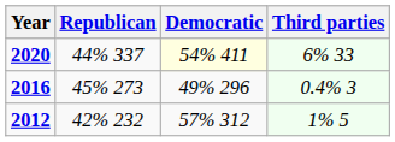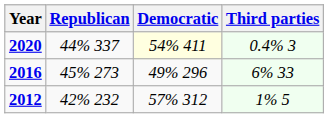 <table class="wikitable" style="float:right; font-size:95%;">
 <tr bgcolor=lightgrey>
 <th>Year</th>
 <th><a href='#'>Republican</a></th>
 <th><a href='#'>Democratic</a></th>
 <th><a href='#'>Third parties</a></th>
 </tr>
 <tr>
 <td style="text-align:center; "><strong><a href='#'>2020</a></strong></td>
 <td style="text-align:center; "><em>44%</em> <em>337</em></td>
 <td style="background: lightyellow; text-align:center; "><em>54%</em> <em>411</em></td>
-<td style="text-align:center; background:honeyDew;"><em>6%</em> <em>33</em></td>
+<td style="text-align:center; background:honeyDew;"><em>0.4%</em> <em>3</em></td>
 </tr>
 <tr>
 <td style="text-align:center; "><strong><a href='#'>2016</a></strong></td>
 <td style="text-align:center; "><em>45%</em> <em>273</em></td>
 <td style="text-align:center; "><em>49%</em> <em>296</em></td>
-<td style="text-align:center; background:honeyDew;"><em>0.4%</em> <em>3</em></td>
+<td style="text-align:center; background:honeyDew;"><em>6%</em> <em>33</em></td>
 </tr>
 <tr>
 <td style="text-align:center; "><strong><a href='#'>2012</a></strong></td>
 <td style="text-align:center; "><em>42%</em> <em>232</em></td>
 <td style="text-align:center; "><em>57%</em> <em>312</em></td>
 <td style="text-align:center; background:honeyDew;"><em>1%</em> <em>5</em></td>
 </tr>
 </table>
